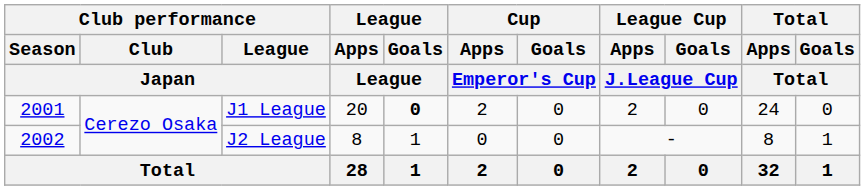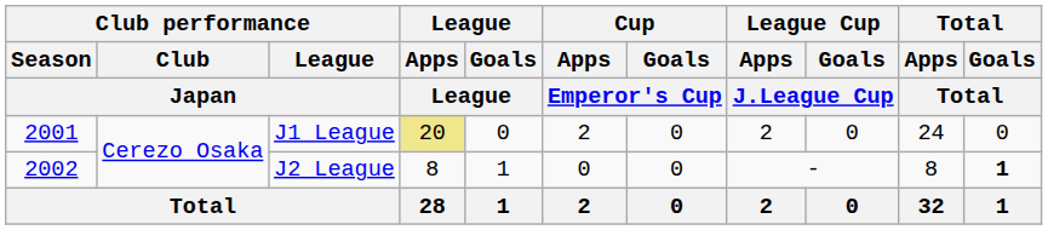 <table class="wikitable" style="text-align:center;">
 <tr>
 <th colspan=3>Club performance</th>
 <th colspan=2>League</th>
 <th colspan=2>Cup</th>
 <th colspan=2>League Cup</th>
 <th colspan=2>Total</th>
 </tr>
 <tr>
 <th>Season</th>
 <th>Club</th>
 <th>League</th>
 <th>Apps</th>
 <th>Goals</th>
 <th>Apps</th>
 <th>Goals</th>
 <th>Apps</th>
 <th>Goals</th>
 <th>Apps</th>
 <th>Goals</th>
 </tr>
 <tr>
 <th colspan=3>Japan</th>
 <th colspan=2>League</th>
 <th colspan=2><a href='#'>Emperor's Cup</a></th>
 <th colspan=2><a href='#'>J.League Cup</a></th>
 <th colspan=2>Total</th>
 </tr>
 <tr>
 <td><a href='#'>2001</a></td>
 <td rowspan="2"><a href='#'>Cerezo Osaka</a></td>
 <td><a href='#'>J1 League</a></td>
-<td>20</td>
-<td><strong>0</strong></td>
+<td style="background: khaki;">20</td>
+<td>0</td>
 <td>2</td>
 <td>0</td>
 <td>2</td>
 <td>0</td>
 <td>24</td>
 <td>0</td>
 </tr>
 <tr>
 <td><a href='#'>2002</a></td>
 <td><a href='#'>J2 League</a></td>
 <td>8</td>
 <td>1</td>
 <td>0</td>
 <td>0</td>
 <td colspan="2">-</td>
 <td>8</td>
-<td>1</td>
+<td><strong>1</strong></td>
 </tr>
 <tr>
 <th colspan=3>Total</th>
 <th>28</th>
 <th>1</th>
 <th>2</th>
 <th>0</th>
 <th>2</th>
 <th>0</th>
 <th>32</th>
 <th>1</th>
 </tr>
 </table>
